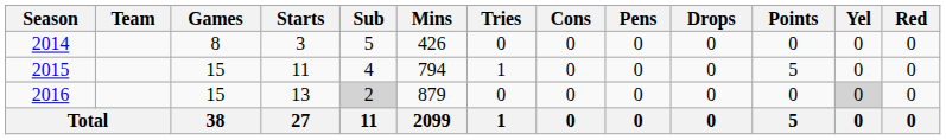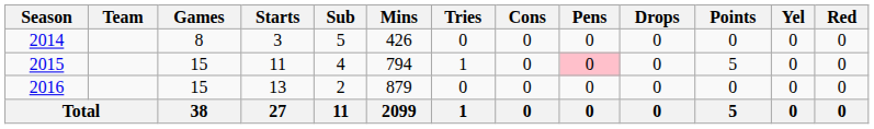 <table class="wikitable" style="text-align:center; line-height:90%; font-size:95%; width:60%;">
 <tr>
 <th>Season</th>
 <th>Team</th>
 <th>Games</th>
 <th>Starts</th>
 <th>Sub</th>
 <th>Mins</th>
 <th>Tries</th>
 <th>Cons</th>
 <th>Pens</th>
 <th>Drops</th>
 <th>Points</th>
 <th>Yel</th>
 <th>Red</th>
 </tr>
 <tr>
 <td><a href='#'>2014</a></td>
 <td></td>
 <td>8</td>
 <td>3</td>
 <td>5</td>
 <td>426</td>
 <td>0</td>
 <td>0</td>
 <td>0</td>
 <td>0</td>
 <td>0</td>
 <td>0</td>
 <td>0</td>
 </tr>
 <tr>
 <td><a href='#'>2015</a></td>
 <td></td>
 <td>15</td>
 <td>11</td>
 <td>4</td>
 <td>794</td>
 <td>1</td>
 <td>0</td>
-<td>0</td>
+<td style="background: pink;">0</td>
 <td>0</td>
 <td>5</td>
 <td>0</td>
 <td>0</td>
 </tr>
 <tr>
 <td><a href='#'>2016</a></td>
 <td></td>
 <td>15</td>
 <td>13</td>
-<td style="background: lightgrey;">2</td>
+<td>2</td>
 <td>879</td>
 <td>0</td>
 <td>0</td>
 <td>0</td>
 <td>0</td>
 <td>0</td>
-<td style="background: lightgrey;">0</td>
+<td>0</td>
 <td>0</td>
 </tr>
 <tr>
 <th colspan="2">Total</th>
 <th>38</th>
 <th>27</th>
 <th>11</th>
 <th>2099</th>
 <th>1</th>
 <th>0</th>
 <th>0</th>
 <th>0</th>
 <th>5</th>
 <th>0</th>
 <th>0</th>
 </tr>
 </table>
